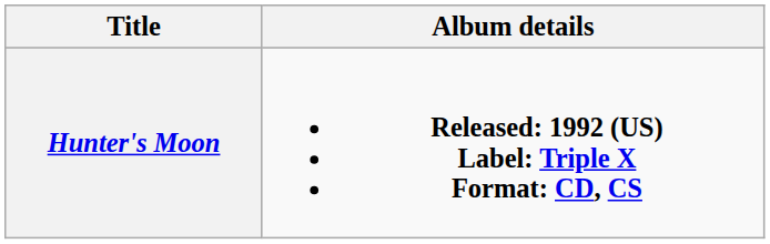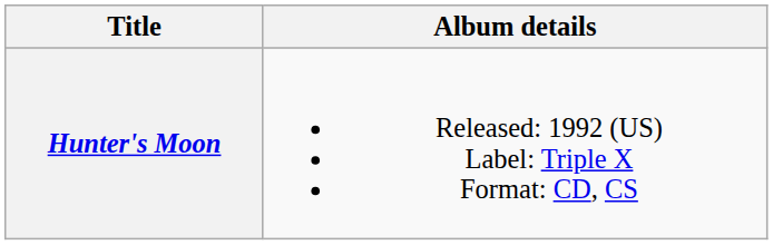 <table class="wikitable plainrowheaders" style="text-align:center;">
 <tr>
 <th scope="col" rowspan="1" style="width:9em;">Title</th>
 <th scope="col" rowspan="1" style="width:18em;">Album details</th>
 </tr>
 <tr>
 <th scope="row"><em><a href='#'>Hunter's Moon</a></em></th>
-<td><strong><br><ul><li>Released: 1992 <span>(US)</span></li><li>Label: <a href='#'>Triple X</a></li><li>Format: <a href='#'>CD</a>, <a href='#'>CS</a></li></ul></strong></td>
+<td><br><ul><li>Released: 1992 <span>(US)</span></li><li>Label: <a href='#'>Triple X</a></li><li>Format: <a href='#'>CD</a>, <a href='#'>CS</a></li></ul></td>
 </tr>
 </table>
